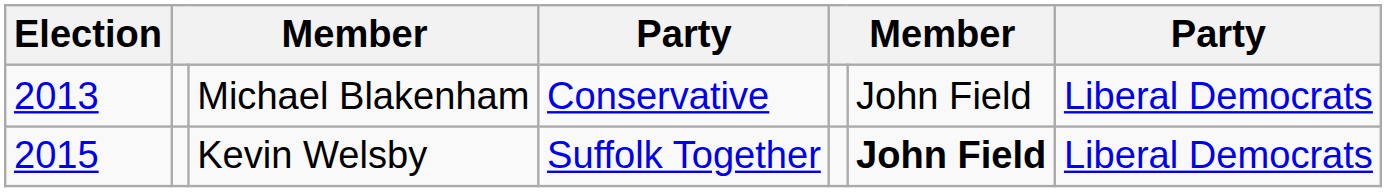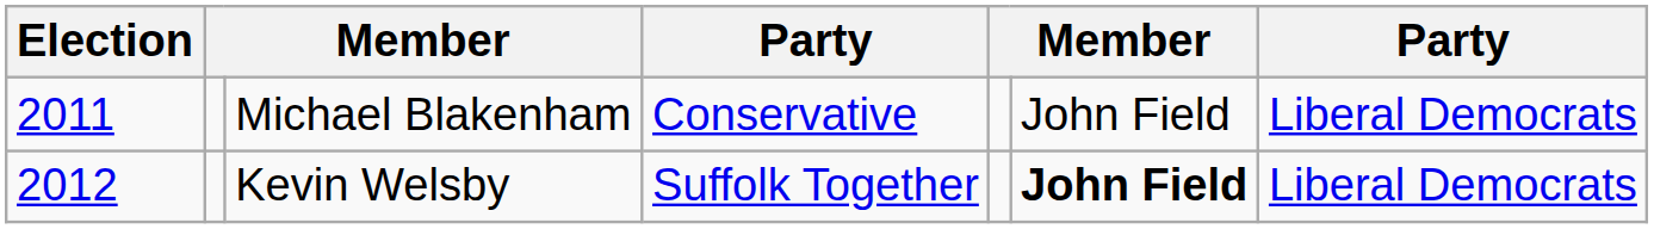 <table class="wikitable">
 <tr>
 <th>Election</th>
 <th colspan="2">Member</th>
 <th>Party</th>
 <th colspan="2">Member</th>
 <th>Party</th>
 </tr>
 <tr>
-<td><a href='#'>2013</a></td>
+<td><a href='#'>2011</a></td>
 <td style="background-color: "></td>
 <td>Michael Blakenham</td>
 <td><a href='#'>Conservative</a></td>
 <td style="background-color: "></td>
 <td>John Field</td>
 <td><a href='#'>Liberal Democrats</a></td>
 </tr>
 <tr>
-<td><a href='#'>2015</a></td>
+<td><a href='#'>2012</a></td>
 <td style="background-color: "></td>
 <td>Kevin Welsby</td>
 <td><a href='#'>Suffolk Together</a></td>
 <td style="background-color: "></td>
 <td><strong>John Field</strong></td>
 <td><a href='#'>Liberal Democrats</a></td>
 </tr>
 </table>
